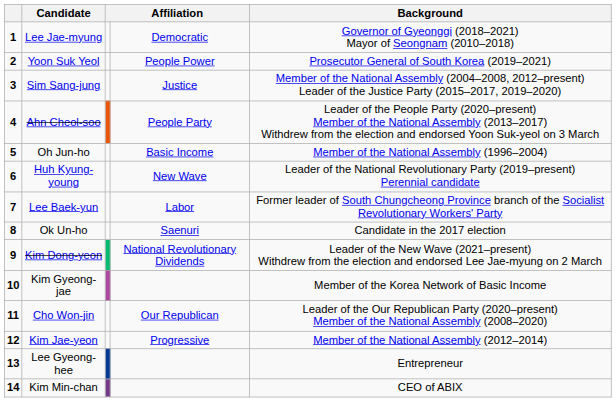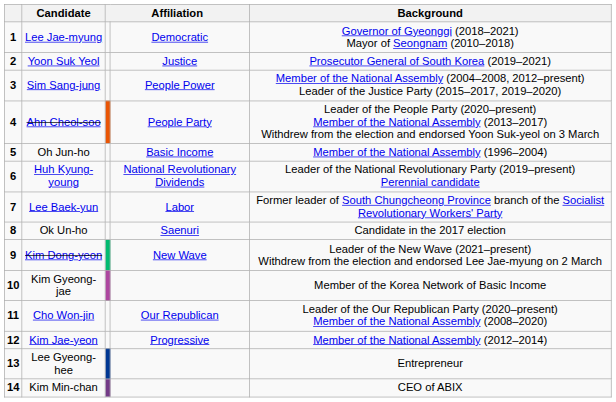 <table class="wikitable" style="text-align:center">
 <tr>
 <th></th>
 <th>Candidate</th>
 <th colspan="2">Affiliation</th>
 <th>Background</th>
 </tr>
 <tr>
 <td><strong>1</strong></td>
 <td><a href='#'>Lee Jae-myung</a></td>
 <td style="background:"></td>
 <td><a href='#'>Democratic</a></td>
 <td><a href='#'>Governor of Gyeonggi</a> (2018–2021)<br>Mayor of <a href='#'>Seongnam</a> (2010–2018)</td>
 </tr>
 <tr>
 <td><strong>2</strong></td>
 <td><a href='#'>Yoon Suk Yeol</a></td>
 <td style="background:"></td>
-<td><a href='#'>People Power</a></td>
+<td><a href='#'>Justice</a></td>
 <td><a href='#'>Prosecutor General of South Korea</a> (2019–2021)</td>
 </tr>
 <tr>
 <td><strong>3</strong></td>
 <td><a href='#'>Sim Sang-jung</a></td>
 <td style="background:"></td>
-<td><a href='#'>Justice</a></td>
+<td><a href='#'>People Power</a></td>
 <td><a href='#'>Member of the National Assembly</a> (2004–2008, 2012–present)<br>Leader of the Justice Party (2015–2017, 2019–2020)</td>
 </tr>
 <tr>
 <td><strong>4</strong></td>
 <td><s><a href='#'>Ahn Cheol-soo</a></s></td>
 <td style="background:#EA5504"></td>
 <td><a href='#'>People Party</a></td>
 <td>Leader of the People Party (2020–present)<br><a href='#'>Member of the National Assembly</a> (2013–2017)<br>Withdrew from the election and endorsed Yoon Suk-yeol on 3 March</td>
 </tr>
 <tr>
 <td><strong>5</strong></td>
 <td>Oh Jun-ho</td>
 <td style="background:"></td>
 <td><a href='#'>Basic Income</a></td>
 <td><a href='#'>Member of the National Assembly</a> (1996–2004)</td>
 </tr>
 <tr>
 <td><strong>6</strong></td>
 <td><a href='#'>Huh Kyung-young</a></td>
 <td style="background:"></td>
-<td><a href='#'>New Wave</a></td>
+<td><a href='#'>National Revolutionary Dividends</a></td>
 <td>Leader of the National Revolutionary Party (2019–present)<br><a href='#'>Perennial candidate</a></td>
 </tr>
 <tr>
 <td><strong>7</strong></td>
 <td><a href='#'>Lee Baek-yun</a></td>
 <td style="background:"></td>
 <td><a href='#'>Labor</a></td>
 <td>Former leader of <a href='#'>South Chungcheong Province</a> branch of the <a href='#'>Socialist Revolutionary Workers' Party</a></td>
 </tr>
 <tr>
 <td><strong>8</strong></td>
 <td>Ok Un-ho</td>
 <td style="background:"></td>
 <td><a href='#'>Saenuri</a></td>
 <td>Candidate in the 2017 election</td>
 </tr>
 <tr>
 <td><strong>9</strong></td>
 <td><s><a href='#'>Kim Dong-yeon</a></s></td>
 <td style="background:#02BB71"></td>
-<td><a href='#'>National Revolutionary Dividends</a></td>
+<td><a href='#'>New Wave</a></td>
 <td>Leader of the New Wave (2021–present)<br> Withdrew from the election and endorsed Lee Jae-myung on 2 March</td>
 </tr>
 <tr>
 <td><strong>10</strong></td>
 <td>Kim Gyeong-jae</td>
 <td style="background:#AD469F"></td>
 <td></td>
 <td>Member of the Korea Network of Basic Income</td>
 </tr>
 <tr>
 <td><strong>11</strong></td>
 <td><a href='#'>Cho Won-jin</a></td>
 <td style="background:"></td>
 <td><a href='#'>Our Republican</a></td>
 <td>Leader of the Our Republican Party (2020–present)<br><a href='#'>Member of the National Assembly</a> (2008–2020)</td>
 </tr>
 <tr>
 <td><strong>12</strong></td>
 <td><a href='#'>Kim Jae-yeon</a></td>
 <td style="background:"></td>
 <td><a href='#'>Progressive</a></td>
 <td><a href='#'>Member of the National Assembly</a> (2012–2014)</td>
 </tr>
 <tr>
 <td><strong>13</strong></td>
 <td>Lee Gyeong-hee</td>
 <td style="background:#003793"></td>
 <td></td>
 <td>Entrepreneur</td>
 </tr>
 <tr>
 <td><strong>14</strong></td>
 <td>Kim Min-chan</td>
 <td style="background:#733A87"></td>
 <td></td>
 <td>CEO of ABIX</td>
 </tr>
 </table>
